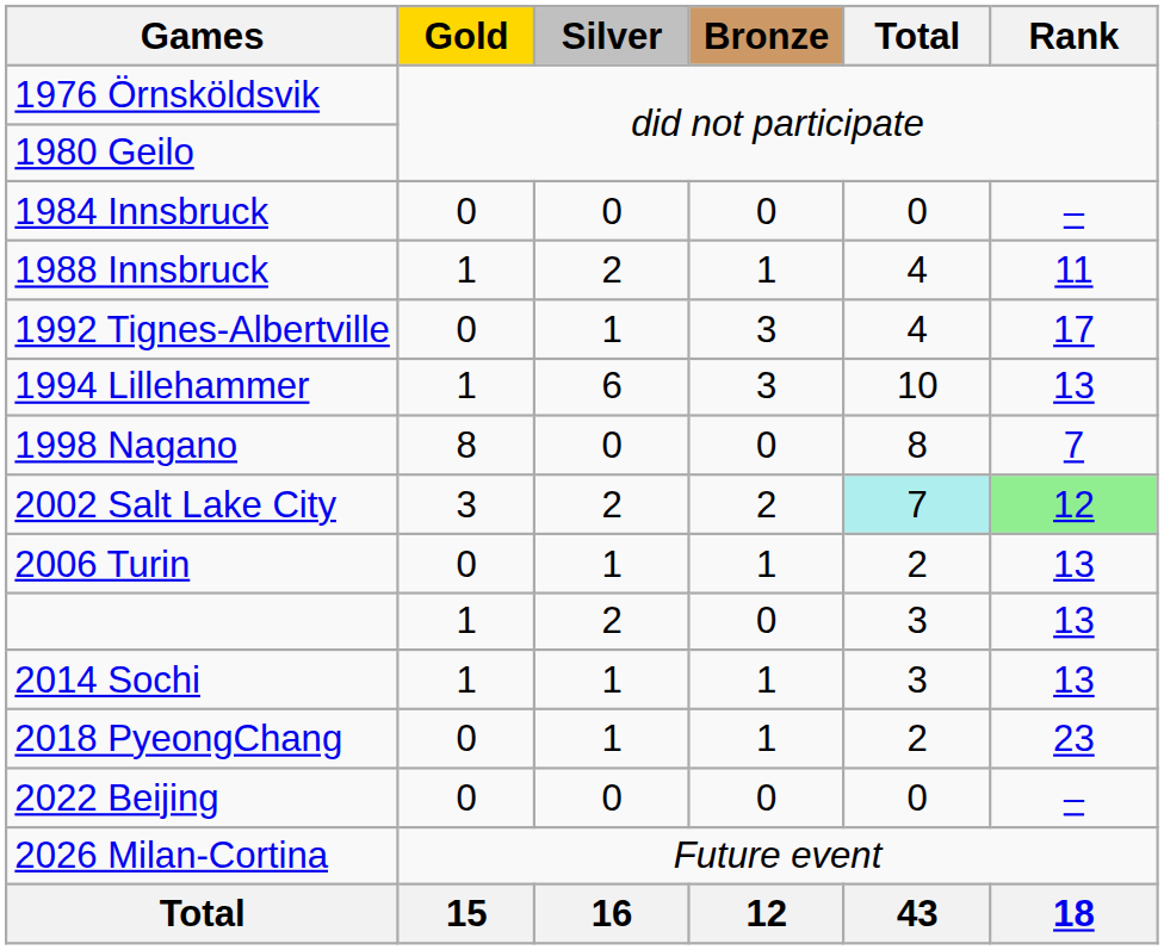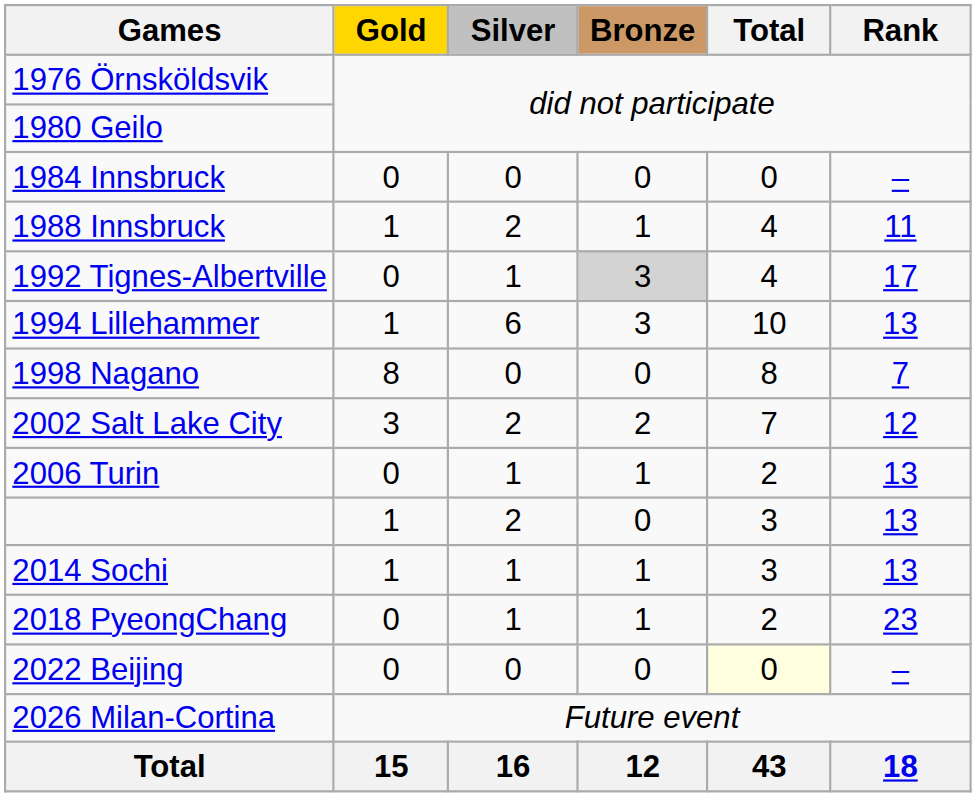 <table class="wikitable" style="text-align:center; font-size:90%;">
 <tr>
 <th>Games</th>
 <td style="background:gold; width:3.2em; font-weight:bold;">Gold</td>
 <td style="background:silver; width:3.7em; font-weight:bold;">Silver</td>
 <td style="background:#c96; width:3.7em; font-weight:bold;">Bronze</td>
 <th style="width:3.5em; font-weight:bold;">Total</th>
 <th style="width:4em; font-weight:bold;">Rank</th>
 </tr>
 <tr>
 <td align=left> <a href='#'>1976 Örnsköldsvik</a></td>
 <td colspan=5 rowspan=2><em>did not participate</em></td>
 </tr>
 <tr>
 <td align=left> <a href='#'>1980 Geilo</a></td>
 </tr>
 <tr>
 <td align=left> <a href='#'>1984 Innsbruck</a></td>
 <td>0</td>
 <td>0</td>
 <td>0</td>
 <td>0</td>
 <td><a href='#'>–</a></td>
 </tr>
 <tr>
 <td align=left> <a href='#'>1988 Innsbruck</a></td>
 <td>1</td>
 <td>2</td>
 <td>1</td>
 <td>4</td>
 <td><a href='#'>11</a></td>
 </tr>
 <tr>
 <td align=left> <a href='#'>1992 Tignes-Albertville</a></td>
 <td>0</td>
 <td>1</td>
-<td>3</td>
+<td style="background: lightgrey;">3</td>
 <td>4</td>
 <td><a href='#'>17</a></td>
 </tr>
 <tr>
 <td align=left> <a href='#'>1994 Lillehammer</a></td>
 <td>1</td>
 <td>6</td>
 <td>3</td>
 <td>10</td>
 <td><a href='#'>13</a></td>
 </tr>
 <tr>
 <td align=left> <a href='#'>1998 Nagano</a></td>
 <td>8</td>
 <td>0</td>
 <td>0</td>
 <td>8</td>
 <td><a href='#'>7</a></td>
 </tr>
 <tr>
 <td align=left> <a href='#'>2002 Salt Lake City</a></td>
 <td>3</td>
 <td>2</td>
 <td>2</td>
-<td style="background: paleturquoise;">7</td>
-<td style="background: lightgreen;"><a href='#'>12</a></td>
+<td>7</td>
+<td><a href='#'>12</a></td>
 </tr>
 <tr>
 <td align=left> <a href='#'>2006 Turin</a></td>
 <td>0</td>
 <td>1</td>
 <td>1</td>
 <td>2</td>
 <td><a href='#'>13</a></td>
 </tr>
 <tr>
 <td align=left></td>
 <td>1</td>
 <td>2</td>
 <td>0</td>
 <td>3</td>
 <td><a href='#'>13</a></td>
 </tr>
 <tr>
 <td align=left> <a href='#'>2014 Sochi</a></td>
 <td>1</td>
 <td>1</td>
 <td>1</td>
 <td>3</td>
 <td><a href='#'>13</a></td>
 </tr>
 <tr>
 <td align=left> <a href='#'>2018 PyeongChang</a></td>
 <td>0</td>
 <td>1</td>
 <td>1</td>
 <td>2</td>
 <td><a href='#'>23</a></td>
 </tr>
 <tr>
 <td align=left> <a href='#'>2022 Beijing</a></td>
 <td>0</td>
 <td>0</td>
 <td>0</td>
-<td>0</td>
+<td style="background: lightyellow;">0</td>
 <td><a href='#'>–</a></td>
 </tr>
 <tr>
 <td align=left> <a href='#'>2026 Milan-Cortina</a></td>
 <td colspan=5; rowspan=1><em>Future event</em></td>
 </tr>
 <tr>
 <th>Total</th>
 <th>15</th>
 <th>16</th>
 <th>12</th>
 <th>43</th>
 <th><a href='#'>18</a></th>
 </tr>
 </table>
